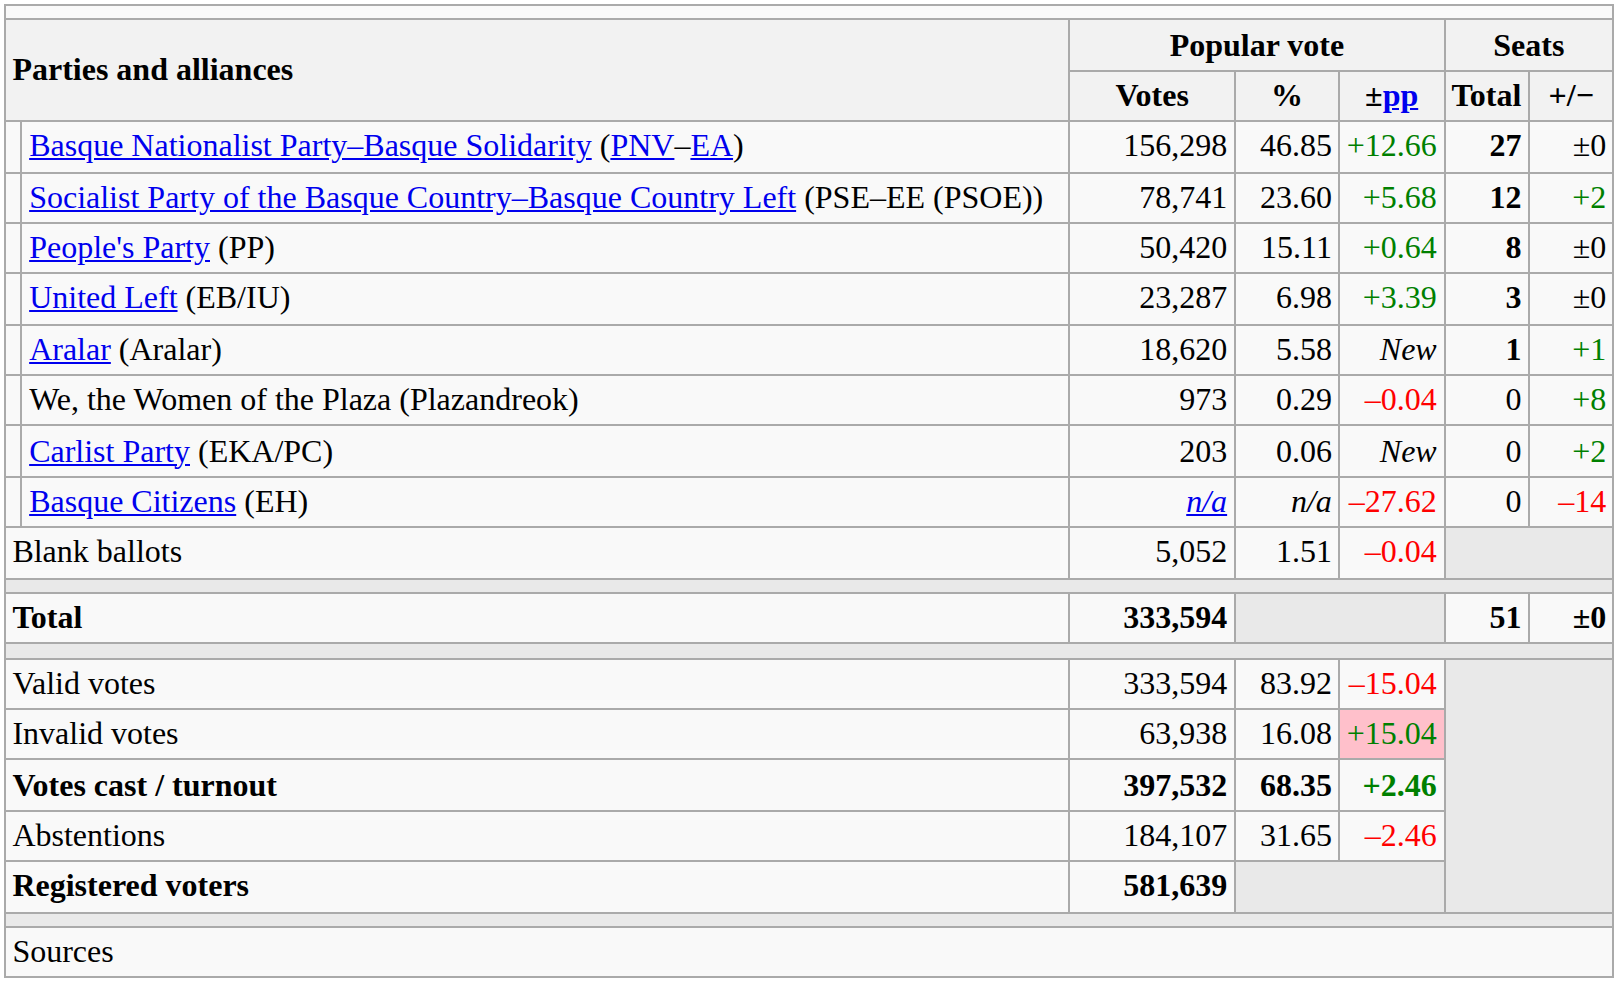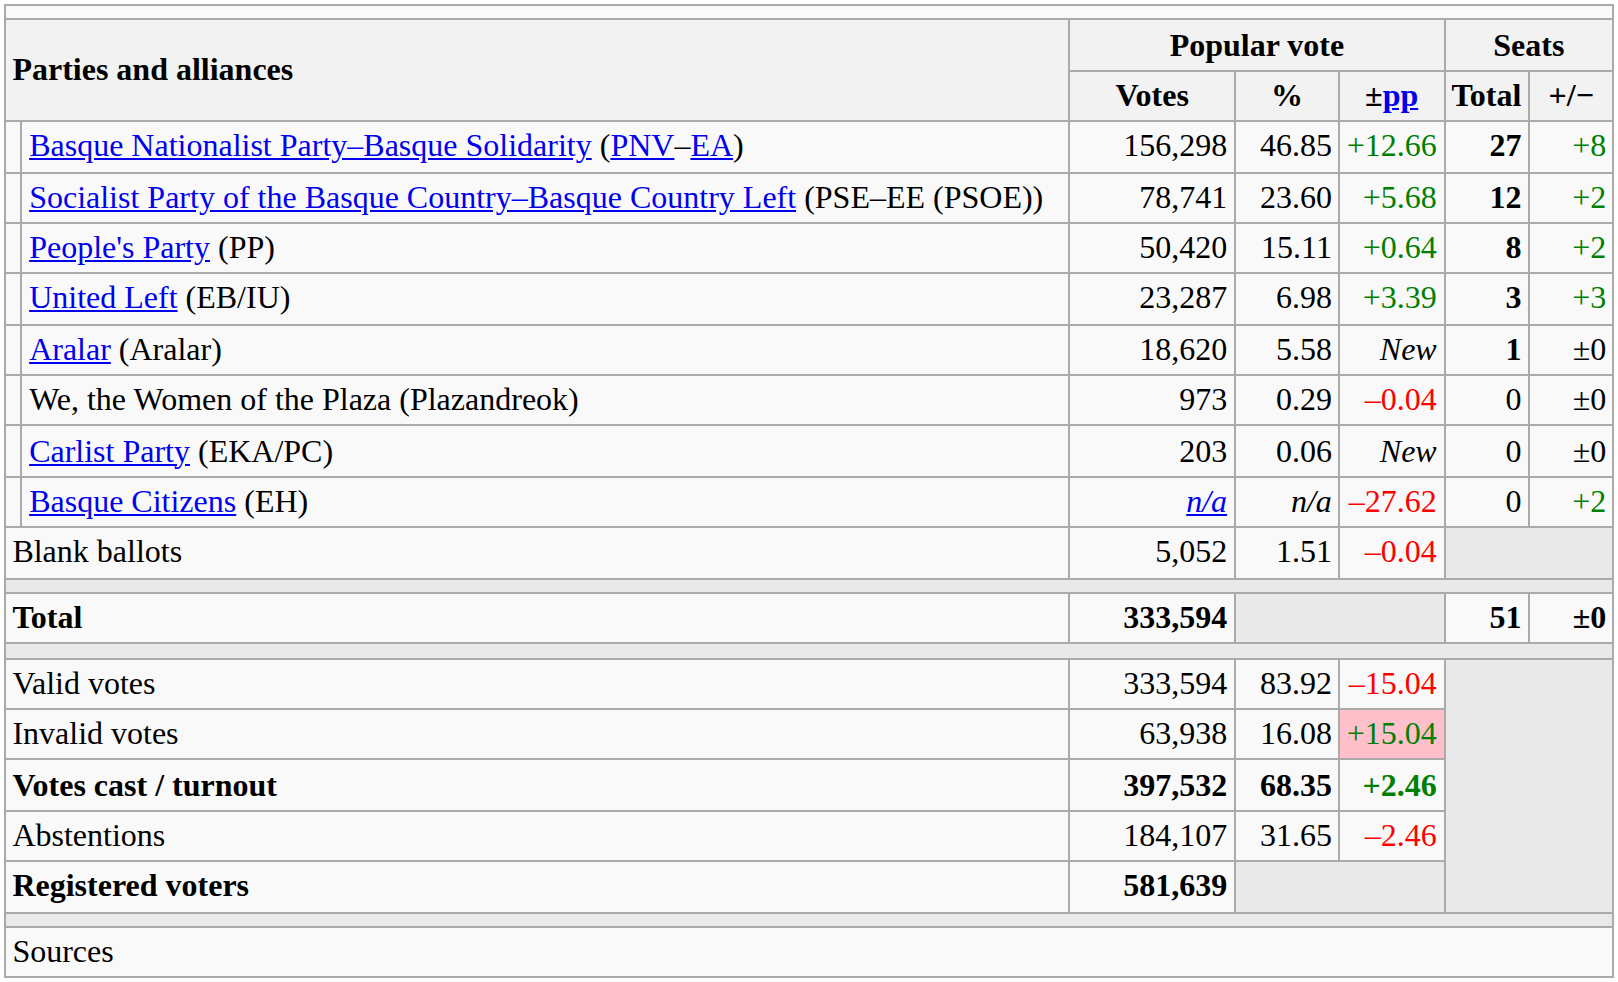 <table class="wikitable" style="text-align:right;">
 <tr>
 <td colspan="7"></td>
 </tr>
 <tr>
 <th style="text-align:left;" rowspan="2" colspan="2" width="525">Parties and alliances</th>
 <th colspan="3">Popular vote</th>
 <th colspan="2">Seats</th>
 </tr>
 <tr>
 <th width="75">Votes</th>
 <th width="45">%</th>
 <th width="45">±<a href='#'>pp</a></th>
 <th width="35">Total</th>
 <th width="35">+/−</th>
 </tr>
 <tr>
 <td width="1" style="color:inherit;background:"></td>
 <td align="left"><a href='#'>Basque Nationalist Party–Basque Solidarity</a> (<a href='#'>PNV</a>–<a href='#'>EA</a>)</td>
 <td>156,298</td>
 <td>46.85</td>
 <td style="color:green;">+12.66</td>
 <td><strong>27</strong></td>
-<td>±0</td>
+<td style="color:green;">+8</td>
 </tr>
 <tr>
 <td style="color:inherit;background:"></td>
 <td align="left"><a href='#'>Socialist Party of the Basque Country–Basque Country Left</a> (PSE–EE (PSOE))</td>
 <td>78,741</td>
 <td>23.60</td>
 <td style="color:green;">+5.68</td>
 <td><strong>12</strong></td>
 <td style="color:green;">+2</td>
 </tr>
 <tr>
 <td style="color:inherit;background:"></td>
 <td align="left"><a href='#'>People's Party</a> (PP)</td>
 <td>50,420</td>
 <td>15.11</td>
 <td style="color:green;">+0.64</td>
 <td><strong>8</strong></td>
-<td>±0</td>
+<td style="color:green;">+2</td>
 </tr>
 <tr>
 <td style="color:inherit;background:"></td>
 <td align="left"><a href='#'>United Left</a> (EB/IU)</td>
 <td>23,287</td>
 <td>6.98</td>
 <td style="color:green;">+3.39</td>
 <td><strong>3</strong></td>
-<td>±0</td>
+<td style="color:green;">+3</td>
 </tr>
 <tr>
 <td style="color:inherit;background:"></td>
 <td align="left"><a href='#'>Aralar</a> (Aralar)</td>
 <td>18,620</td>
 <td>5.58</td>
 <td><em>New</em></td>
 <td><strong>1</strong></td>
-<td style="color:green;">+1</td>
+<td>±0</td>
 </tr>
 <tr>
 <td style="color:inherit;background:"></td>
 <td align="left">We, the Women of the Plaza (Plazandreok)</td>
 <td>973</td>
 <td>0.29</td>
 <td style="color:red;">–0.04</td>
 <td>0</td>
-<td style="color:green;">+8</td>
+<td>±0</td>
 </tr>
 <tr>
 <td style="color:inherit;background:"></td>
 <td align="left"><a href='#'>Carlist Party</a> (EKA/PC)</td>
 <td>203</td>
 <td>0.06</td>
 <td><em>New</em></td>
 <td>0</td>
-<td style="color:green;">+2</td>
+<td>±0</td>
 </tr>
 <tr>
 <td style="color:inherit;background:"></td>
 <td align="left"><a href='#'>Basque Citizens</a> (EH)</td>
 <td><em><a href='#'>n/a</a></em></td>
 <td><em>n/a</em></td>
 <td style="color:red;">–27.62</td>
 <td>0</td>
-<td style="color:red;">–14</td>
+<td style="color:green;">+2</td>
 </tr>
 <tr>
 <td align="left" colspan="2">Blank ballots</td>
 <td>5,052</td>
 <td>1.51</td>
 <td style="color:red;">–0.04</td>
 <td bgcolor="#E9E9E9" colspan="2"></td>
 </tr>
 <tr>
 <td colspan="7" bgcolor="#E9E9E9"></td>
 </tr>
 <tr style="font-weight:bold;">
 <td align="left" colspan="2">Total</td>
 <td>333,594</td>
 <td bgcolor="#E9E9E9" colspan="2"></td>
 <td>51</td>
 <td>±0</td>
 </tr>
 <tr>
 <td colspan="7" bgcolor="#E9E9E9"></td>
 </tr>
 <tr>
 <td align="left" colspan="2">Valid votes</td>
 <td>333,594</td>
 <td>83.92</td>
 <td style="color:red;">–15.04</td>
 <td bgcolor="#E9E9E9" colspan="2" rowspan="5"></td>
 </tr>
 <tr>
 <td align="left" colspan="2">Invalid votes</td>
 <td>63,938</td>
 <td>16.08</td>
 <td style="background: pink; color:green;">+15.04</td>
 </tr>
 <tr style="font-weight:bold;">
 <td align="left" colspan="2">Votes cast / turnout</td>
 <td>397,532</td>
 <td>68.35</td>
 <td style="color:green;">+2.46</td>
 </tr>
 <tr>
 <td align="left" colspan="2">Abstentions</td>
 <td>184,107</td>
 <td>31.65</td>
 <td style="color:red;">–2.46</td>
 </tr>
 <tr style="font-weight:bold;">
 <td align="left" colspan="2">Registered voters</td>
 <td>581,639</td>
 <td bgcolor="#E9E9E9" colspan="2"></td>
 </tr>
 <tr>
 <td colspan="7" bgcolor="#E9E9E9"></td>
 </tr>
 <tr>
 <td align="left" colspan="7">Sources</td>
 </tr>
 </table>
